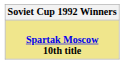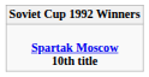 <table class="wikitable" style="text-align: center; margin: 0 auto;">
 <tr>
 <th>Soviet Cup 1992 Winners</th>
 </tr>
 <tr>
-<td style="background: khaki;"><br><strong><a href='#'>Spartak Moscow</a></strong><br><strong>10th title</strong></td>
+<td><br><strong><a href='#'>Spartak Moscow</a></strong><br><strong>10th title</strong></td>
 </tr>
 </table>
